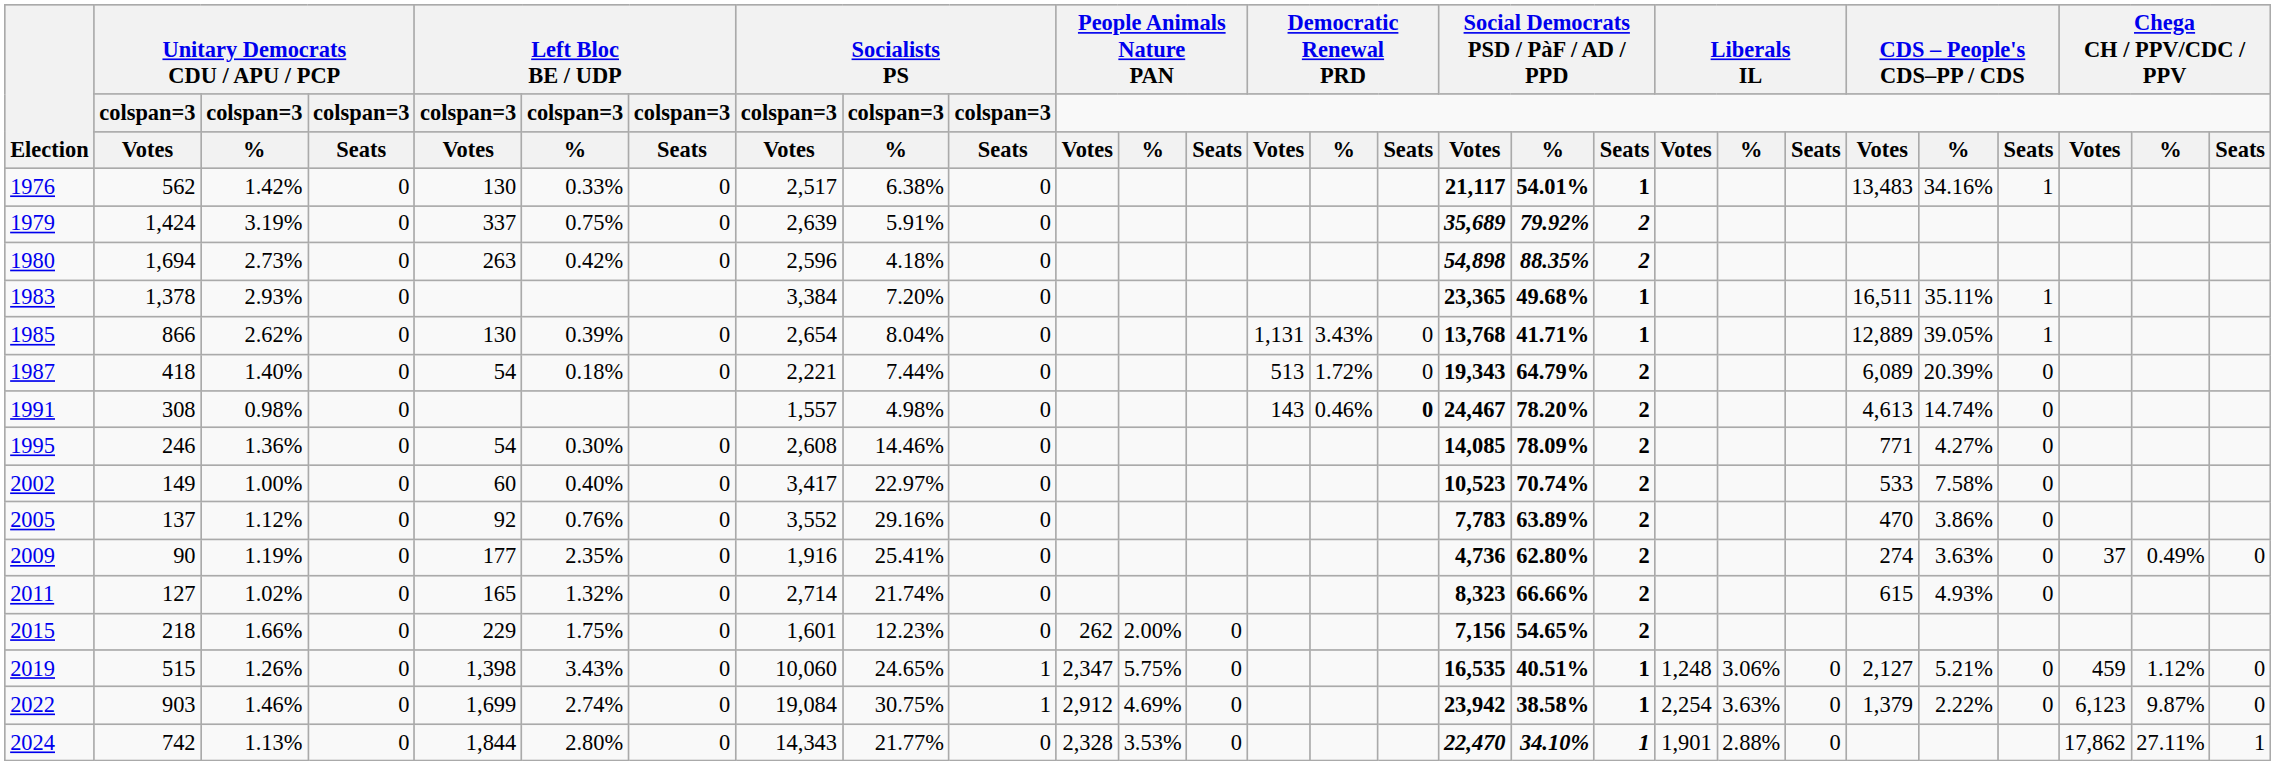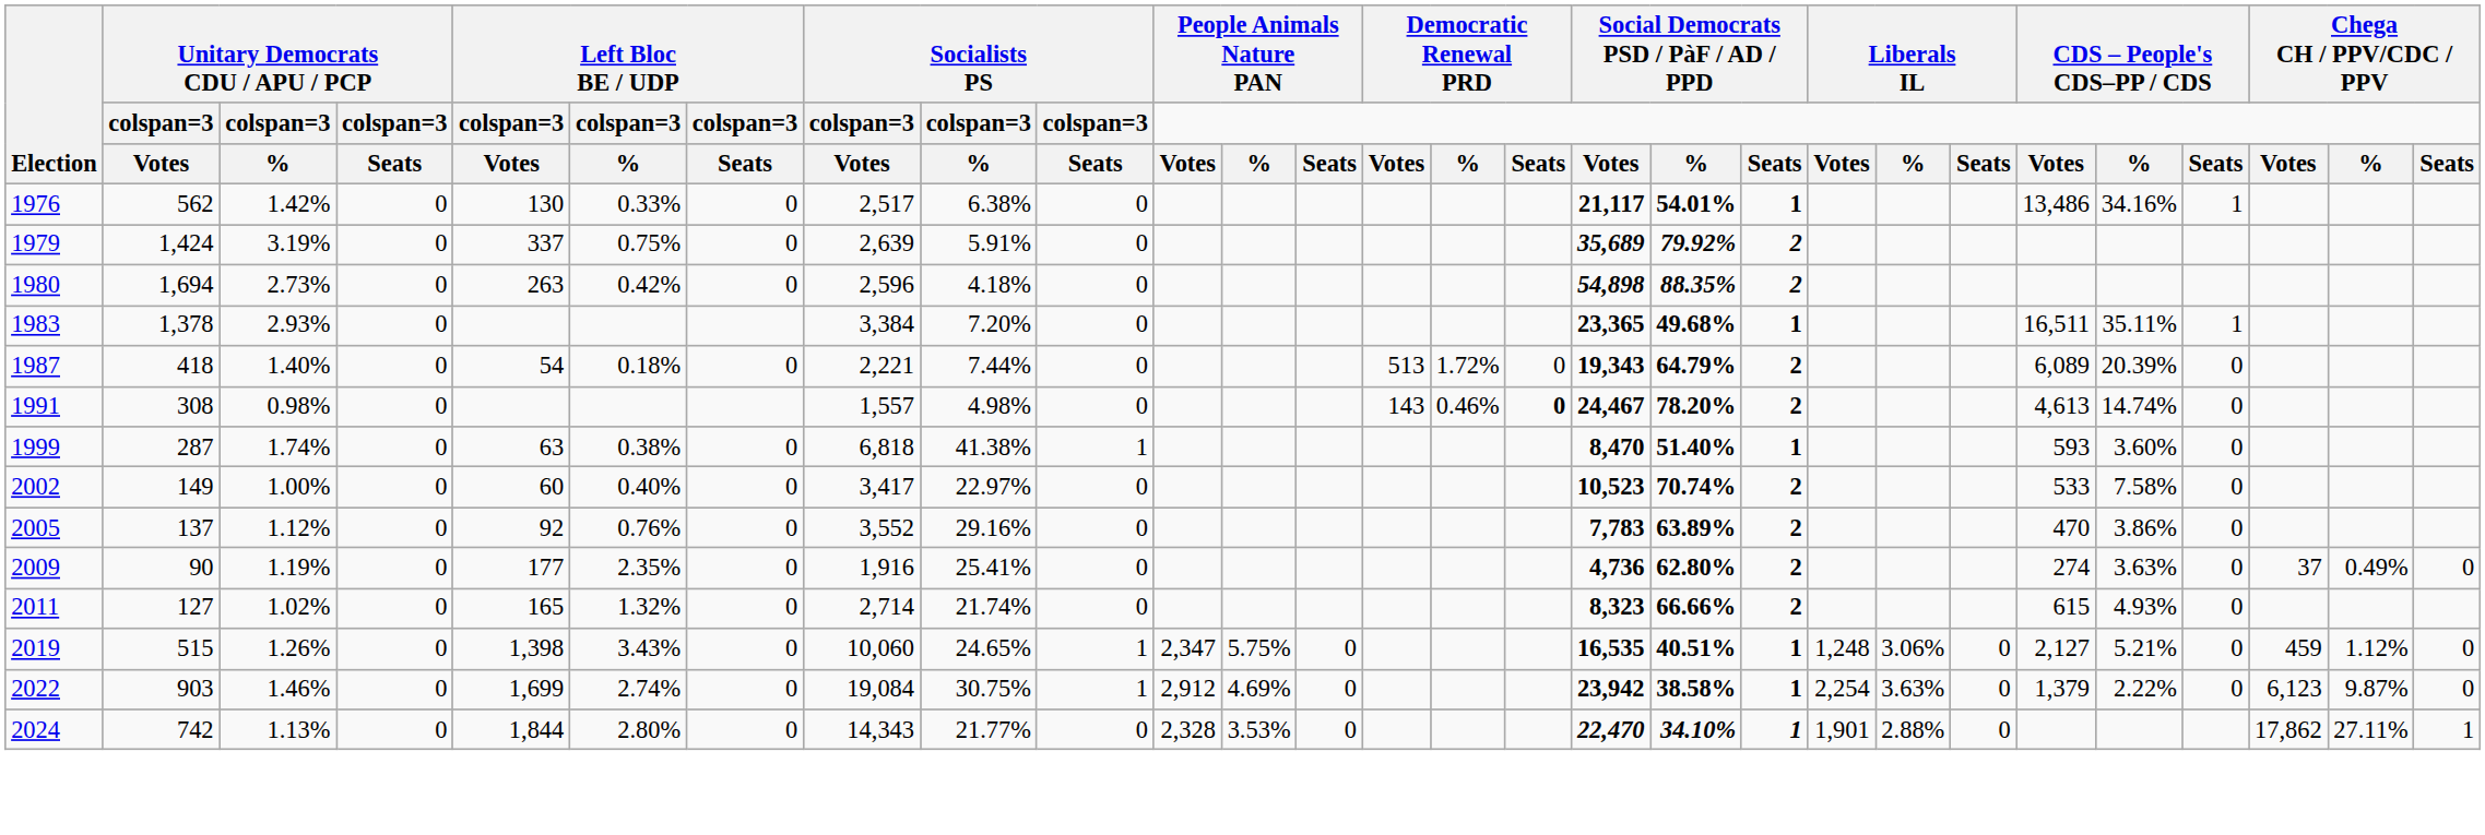 <table class="wikitable" border="1" style="font-size:85%; text-align:right;">
 <tr>
 <th style="text-align:left;" valign=bottom rowspan=3>Election</th>
 <th valign=bottom colspan=3><a href='#'>Unitary Democrats</a><br>CDU / APU / PCP</th>
 <th valign=bottom colspan=3><a href='#'>Left Bloc</a><br>BE / UDP</th>
 <th valign=bottom colspan=3><a href='#'>Socialists</a><br>PS</th>
 <th valign=bottom colspan=3><a href='#'>People Animals Nature</a><br>PAN</th>
 <th valign=bottom colspan=3><a href='#'>Democratic Renewal</a><br>PRD</th>
 <th valign=bottom colspan=3><a href='#'>Social Democrats</a><br>PSD / PàF / AD / PPD</th>
 <th valign=bottom colspan=3><a href='#'>Liberals</a><br>IL</th>
 <th valign=bottom colspan=3><a href='#'>CDS – People's</a><br>CDS–PP / CDS</th>
 <th valign=bottom colspan=3><a href='#'>Chega</a><br>CH / PPV/CDC / PPV</th>
 </tr>
 <tr>
 <th>colspan=3 </th>
 <th>colspan=3 </th>
 <th>colspan=3 </th>
 <th>colspan=3 </th>
 <th>colspan=3 </th>
 <th>colspan=3 </th>
 <th>colspan=3 </th>
 <th>colspan=3 </th>
 <th>colspan=3 </th>
 </tr>
 <tr>
 <th>Votes</th>
 <th>%</th>
 <th>Seats</th>
 <th>Votes</th>
 <th>%</th>
 <th>Seats</th>
 <th>Votes</th>
 <th>%</th>
 <th>Seats</th>
 <th>Votes</th>
 <th>%</th>
 <th>Seats</th>
 <th>Votes</th>
 <th>%</th>
 <th>Seats</th>
 <th>Votes</th>
 <th>%</th>
 <th>Seats</th>
 <th>Votes</th>
 <th>%</th>
 <th>Seats</th>
 <th>Votes</th>
 <th>%</th>
 <th>Seats</th>
 <th>Votes</th>
 <th>%</th>
 <th>Seats</th>
 </tr>
 <tr>
 <td align=left><a href='#'>1976</a></td>
 <td>562</td>
 <td>1.42%</td>
 <td>0</td>
 <td>130</td>
 <td>0.33%</td>
 <td>0</td>
 <td>2,517</td>
 <td>6.38%</td>
 <td>0</td>
 <td></td>
 <td></td>
 <td></td>
 <td></td>
 <td></td>
 <td></td>
 <td><strong>21,117</strong></td>
 <td><strong>54.01%</strong></td>
 <td><strong>1</strong></td>
 <td></td>
 <td></td>
 <td></td>
-<td>13,483</td>
+<td>13,486</td>
 <td>34.16%</td>
 <td>1</td>
 <td></td>
 <td></td>
 <td></td>
 </tr>
 <tr>
 <td align=left><a href='#'>1979</a></td>
 <td>1,424</td>
 <td>3.19%</td>
 <td>0</td>
 <td>337</td>
 <td>0.75%</td>
 <td>0</td>
 <td>2,639</td>
 <td>5.91%</td>
 <td>0</td>
 <td></td>
 <td></td>
 <td></td>
 <td></td>
 <td></td>
 <td></td>
 <td><strong><em>35,689</em></strong></td>
 <td><strong><em>79.92%</em></strong></td>
 <td><strong><em>2</em></strong></td>
 <td></td>
 <td></td>
 <td></td>
 <td></td>
 <td></td>
 <td></td>
 <td></td>
 <td></td>
 <td></td>
 </tr>
 <tr>
 <td align=left><a href='#'>1980</a></td>
 <td>1,694</td>
 <td>2.73%</td>
 <td>0</td>
 <td>263</td>
 <td>0.42%</td>
 <td>0</td>
 <td>2,596</td>
 <td>4.18%</td>
 <td>0</td>
 <td></td>
 <td></td>
 <td></td>
 <td></td>
 <td></td>
 <td></td>
 <td><strong><em>54,898</em></strong></td>
 <td><strong><em>88.35%</em></strong></td>
 <td><strong><em>2</em></strong></td>
 <td></td>
 <td></td>
 <td></td>
 <td></td>
 <td></td>
 <td></td>
 <td></td>
 <td></td>
 <td></td>
 </tr>
 <tr>
 <td align=left><a href='#'>1983</a></td>
 <td>1,378</td>
 <td>2.93%</td>
 <td>0</td>
 <td></td>
 <td></td>
 <td></td>
 <td>3,384</td>
 <td>7.20%</td>
 <td>0</td>
 <td></td>
 <td></td>
 <td></td>
 <td></td>
 <td></td>
 <td></td>
 <td><strong>23,365</strong></td>
 <td><strong>49.68%</strong></td>
 <td><strong>1</strong></td>
 <td></td>
 <td></td>
 <td></td>
 <td>16,511</td>
 <td>35.11%</td>
 <td>1</td>
 <td></td>
 <td></td>
 <td></td>
 </tr>
 <tr>
-<td align=left><a href='#'>1985</a></td>
-<td>866</td>
-<td>2.62%</td>
-<td>0</td>
-<td>130</td>
-<td>0.39%</td>
-<td>0</td>
-<td>2,654</td>
-<td>8.04%</td>
-<td>0</td>
-<td></td>
-<td></td>
-<td></td>
-<td>1,131</td>
-<td>3.43%</td>
-<td>0</td>
-<td><strong>13,768</strong></td>
-<td><strong>41.71%</strong></td>
-<td><strong>1</strong></td>
-<td></td>
-<td></td>
-<td></td>
-<td>12,889</td>
-<td>39.05%</td>
-<td>1</td>
-<td></td>
-<td></td>
-<td></td>
-</tr>
-<tr>
 <td align=left><a href='#'>1987</a></td>
 <td>418</td>
 <td>1.40%</td>
 <td>0</td>
 <td>54</td>
 <td>0.18%</td>
 <td>0</td>
 <td>2,221</td>
 <td>7.44%</td>
 <td>0</td>
 <td></td>
 <td></td>
 <td></td>
 <td>513</td>
 <td>1.72%</td>
 <td>0</td>
 <td><strong>19,343</strong></td>
 <td><strong>64.79%</strong></td>
 <td><strong>2</strong></td>
 <td></td>
 <td></td>
 <td></td>
 <td>6,089</td>
 <td>20.39%</td>
 <td>0</td>
 <td></td>
 <td></td>
 <td></td>
 </tr>
 <tr>
 <td align=left><a href='#'>1991</a></td>
 <td>308</td>
 <td>0.98%</td>
 <td>0</td>
 <td></td>
 <td></td>
 <td></td>
 <td>1,557</td>
 <td>4.98%</td>
 <td>0</td>
 <td></td>
 <td></td>
 <td></td>
 <td>143</td>
 <td>0.46%</td>
 <td><strong>0</strong></td>
 <td><strong>24,467</strong></td>
 <td><strong>78.20%</strong></td>
 <td><strong>2</strong></td>
 <td></td>
 <td></td>
 <td></td>
 <td>4,613</td>
 <td>14.74%</td>
 <td>0</td>
 <td></td>
 <td></td>
 <td></td>
 </tr>
 <tr>
-<td align=left><a href='#'>1995</a></td>
-<td>246</td>
-<td>1.36%</td>
+<td align=left><a href='#'>1999</a></td>
+<td>287</td>
+<td>1.74%</td>
 <td>0</td>
-<td>54</td>
-<td>0.30%</td>
+<td>63</td>
+<td>0.38%</td>
 <td>0</td>
-<td>2,608</td>
-<td>14.46%</td>
-<td>0</td>
+<td>6,818</td>
+<td>41.38%</td>
+<td>1</td>
 <td></td>
 <td></td>
 <td></td>
 <td></td>
 <td></td>
 <td></td>
-<td><strong>14,085</strong></td>
-<td><strong>78.09%</strong></td>
-<td><strong>2</strong></td>
+<td><strong>8,470</strong></td>
+<td><strong>51.40%</strong></td>
+<td><strong>1</strong></td>
 <td></td>
 <td></td>
 <td></td>
-<td>771</td>
-<td>4.27%</td>
+<td>593</td>
+<td>3.60%</td>
 <td>0</td>
 <td></td>
 <td></td>
 <td></td>
 </tr>
 <tr>
 <td align=left><a href='#'>2002</a></td>
 <td>149</td>
 <td>1.00%</td>
 <td>0</td>
 <td>60</td>
 <td>0.40%</td>
 <td>0</td>
 <td>3,417</td>
 <td>22.97%</td>
 <td>0</td>
 <td></td>
 <td></td>
 <td></td>
 <td></td>
 <td></td>
 <td></td>
 <td><strong>10,523</strong></td>
 <td><strong>70.74%</strong></td>
 <td><strong>2</strong></td>
 <td></td>
 <td></td>
 <td></td>
 <td>533</td>
 <td>7.58%</td>
 <td>0</td>
 <td></td>
 <td></td>
 <td></td>
 </tr>
 <tr>
 <td align=left><a href='#'>2005</a></td>
 <td>137</td>
 <td>1.12%</td>
 <td>0</td>
 <td>92</td>
 <td>0.76%</td>
 <td>0</td>
 <td>3,552</td>
 <td>29.16%</td>
 <td>0</td>
 <td></td>
 <td></td>
 <td></td>
 <td></td>
 <td></td>
 <td></td>
 <td><strong>7,783</strong></td>
 <td><strong>63.89%</strong></td>
 <td><strong>2</strong></td>
 <td></td>
 <td></td>
 <td></td>
 <td>470</td>
 <td>3.86%</td>
 <td>0</td>
 <td></td>
 <td></td>
 <td></td>
 </tr>
 <tr>
 <td align=left><a href='#'>2009</a></td>
 <td>90</td>
 <td>1.19%</td>
 <td>0</td>
 <td>177</td>
 <td>2.35%</td>
 <td>0</td>
 <td>1,916</td>
 <td>25.41%</td>
 <td>0</td>
 <td></td>
 <td></td>
 <td></td>
 <td></td>
 <td></td>
 <td></td>
 <td><strong>4,736</strong></td>
 <td><strong>62.80%</strong></td>
 <td><strong>2</strong></td>
 <td></td>
 <td></td>
 <td></td>
 <td>274</td>
 <td>3.63%</td>
 <td>0</td>
 <td>37</td>
 <td>0.49%</td>
 <td>0</td>
 </tr>
 <tr>
 <td align=left><a href='#'>2011</a></td>
 <td>127</td>
 <td>1.02%</td>
 <td>0</td>
 <td>165</td>
 <td>1.32%</td>
 <td>0</td>
 <td>2,714</td>
 <td>21.74%</td>
 <td>0</td>
 <td></td>
 <td></td>
 <td></td>
 <td></td>
 <td></td>
 <td></td>
 <td><strong>8,323</strong></td>
 <td><strong>66.66%</strong></td>
 <td><strong>2</strong></td>
 <td></td>
 <td></td>
 <td></td>
 <td>615</td>
 <td>4.93%</td>
 <td>0</td>
 <td></td>
 <td></td>
 <td></td>
 </tr>
 <tr>
-<td align=left><a href='#'>2015</a></td>
-<td>218</td>
-<td>1.66%</td>
-<td>0</td>
-<td>229</td>
-<td>1.75%</td>
-<td>0</td>
-<td>1,601</td>
-<td>12.23%</td>
-<td>0</td>
-<td>262</td>
-<td>2.00%</td>
-<td>0</td>
-<td></td>
-<td></td>
-<td></td>
-<td><strong>7,156</strong></td>
-<td><strong>54.65%</strong></td>
-<td><strong>2</strong></td>
-<td></td>
-<td></td>
-<td></td>
-<td></td>
-<td></td>
-<td></td>
-<td></td>
-<td></td>
-<td></td>
-</tr>
-<tr>
 <td align=left><a href='#'>2019</a></td>
 <td>515</td>
 <td>1.26%</td>
 <td>0</td>
 <td>1,398</td>
 <td>3.43%</td>
 <td>0</td>
 <td>10,060</td>
 <td>24.65%</td>
 <td>1</td>
 <td>2,347</td>
 <td>5.75%</td>
 <td>0</td>
 <td></td>
 <td></td>
 <td></td>
 <td><strong>16,535</strong></td>
 <td><strong>40.51%</strong></td>
 <td><strong>1</strong></td>
 <td>1,248</td>
 <td>3.06%</td>
 <td>0</td>
 <td>2,127</td>
 <td>5.21%</td>
 <td>0</td>
 <td>459</td>
 <td>1.12%</td>
 <td>0</td>
 </tr>
 <tr>
 <td align=left><a href='#'>2022</a></td>
 <td>903</td>
 <td>1.46%</td>
 <td>0</td>
 <td>1,699</td>
 <td>2.74%</td>
 <td>0</td>
 <td>19,084</td>
 <td>30.75%</td>
 <td>1</td>
 <td>2,912</td>
 <td>4.69%</td>
 <td>0</td>
 <td></td>
 <td></td>
 <td></td>
 <td><strong>23,942</strong></td>
 <td><strong>38.58%</strong></td>
 <td><strong>1</strong></td>
 <td>2,254</td>
 <td>3.63%</td>
 <td>0</td>
 <td>1,379</td>
 <td>2.22%</td>
 <td>0</td>
 <td>6,123</td>
 <td>9.87%</td>
 <td>0</td>
 </tr>
 <tr>
 <td align=left><a href='#'>2024</a></td>
 <td>742</td>
 <td>1.13%</td>
 <td>0</td>
 <td>1,844</td>
 <td>2.80%</td>
 <td>0</td>
 <td>14,343</td>
 <td>21.77%</td>
 <td>0</td>
 <td>2,328</td>
 <td>3.53%</td>
 <td>0</td>
 <td></td>
 <td></td>
 <td></td>
 <td><strong><em>22,470</em></strong></td>
 <td><strong><em>34.10%</em></strong></td>
 <td><strong><em>1</em></strong></td>
 <td>1,901</td>
 <td>2.88%</td>
 <td>0</td>
 <td></td>
 <td></td>
 <td></td>
 <td>17,862</td>
 <td>27.11%</td>
 <td>1</td>
 </tr>
 </table>
